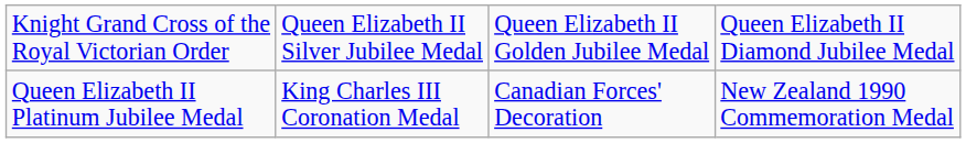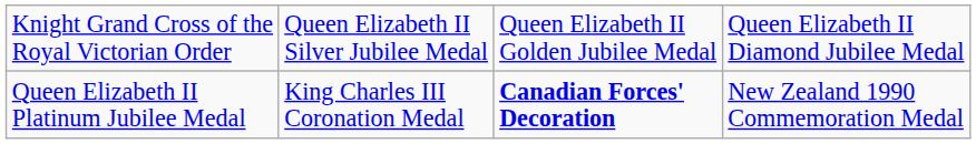 <table class="wikitable" style="margin:auto;">
 <tr>
 <td><a href='#'>Knight Grand Cross of the <br>Royal Victorian Order</a></td>
 <td><a href='#'>Queen Elizabeth II<br>Silver Jubilee Medal</a></td>
 <td><a href='#'>Queen Elizabeth II<br>Golden Jubilee Medal</a></td>
 <td><a href='#'>Queen Elizabeth II<br>Diamond Jubilee Medal</a></td>
 </tr>
 <tr>
 <td><a href='#'>Queen Elizabeth II<br>Platinum Jubilee Medal</a></td>
 <td><a href='#'>King Charles III<br>Coronation Medal</a></td>
-<td><a href='#'>Canadian Forces'<br>Decoration</a></td>
+<td><strong><a href='#'>Canadian Forces'<br>Decoration</a></strong></td>
 <td><a href='#'>New Zealand 1990<br>Commemoration Medal</a></td>
 </tr>
 </table>
